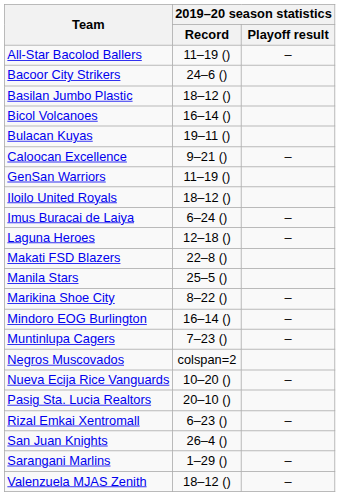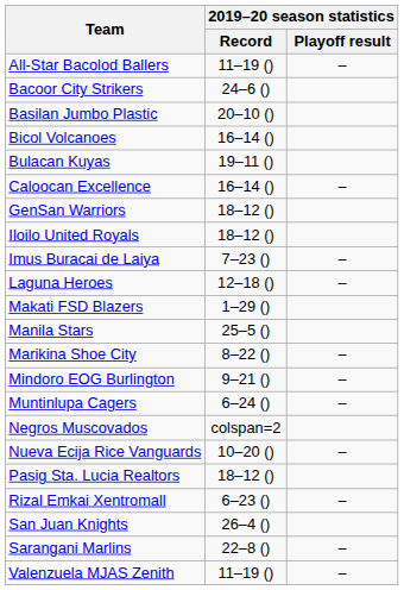 <table class="wikitable sortable" style="text-align:center">
 <tr>
 <th rowspan=2>Team</th>
 <th colspan=2>2019–20 season statistics</th>
 </tr>
 <tr>
 <th>Record</th>
 <th>Playoff result</th>
 </tr>
 <tr>
 <td align=left><a href='#'>All-Star Bacolod Ballers</a></td>
 <td>11–19 ()</td>
 <td>–</td>
 </tr>
 <tr>
 <td align=left><a href='#'>Bacoor City Strikers</a></td>
 <td>24–6 ()</td>
 <td></td>
 </tr>
 <tr>
 <td align=left><a href='#'>Basilan Jumbo Plastic</a></td>
-<td>18–12 ()</td>
+<td>20–10 ()</td>
 <td></td>
 </tr>
 <tr>
 <td align=left><a href='#'>Bicol Volcanoes</a></td>
 <td>16–14 ()</td>
 <td></td>
 </tr>
 <tr>
 <td align=left><a href='#'>Bulacan Kuyas</a></td>
 <td>19–11 ()</td>
 <td></td>
 </tr>
 <tr>
 <td align=left><a href='#'>Caloocan Excellence</a></td>
-<td>9–21 ()</td>
+<td>16–14 ()</td>
 <td>–</td>
 </tr>
 <tr>
 <td align=left><a href='#'>GenSan Warriors</a></td>
-<td>11–19 ()</td>
+<td>18–12 ()</td>
 <td></td>
 </tr>
 <tr>
 <td align=left><a href='#'>Iloilo United Royals</a></td>
 <td>18–12 ()</td>
 <td></td>
 </tr>
 <tr>
 <td align=left><a href='#'>Imus Buracai de Laiya</a></td>
-<td>6–24 ()</td>
+<td>7–23 ()</td>
 <td>–</td>
 </tr>
 <tr>
 <td align=left><a href='#'>Laguna Heroes</a></td>
 <td>12–18 ()</td>
 <td>–</td>
 </tr>
 <tr>
 <td align=left><a href='#'>Makati FSD Blazers</a></td>
-<td>22–8 ()</td>
+<td>1–29 ()</td>
 <td></td>
 </tr>
 <tr>
 <td align=left><a href='#'>Manila Stars</a></td>
 <td>25–5 ()</td>
 <td></td>
 </tr>
 <tr>
 <td align=left><a href='#'>Marikina Shoe City</a></td>
 <td>8–22 ()</td>
 <td>–</td>
 </tr>
 <tr>
 <td align=left><a href='#'>Mindoro EOG Burlington</a></td>
-<td>16–14 ()</td>
+<td>9–21 ()</td>
 <td>–</td>
 </tr>
 <tr>
 <td align=left><a href='#'>Muntinlupa Cagers</a></td>
-<td>7–23 ()</td>
+<td>6–24 ()</td>
 <td>–</td>
 </tr>
 <tr>
 <td align=left><a href='#'>Negros Muscovados</a></td>
 <td>colspan=2 </td>
 </tr>
 <tr>
 <td align=left><a href='#'>Nueva Ecija Rice Vanguards</a></td>
 <td>10–20 ()</td>
 <td>–</td>
 </tr>
 <tr>
 <td align=left><a href='#'>Pasig Sta. Lucia Realtors</a></td>
-<td>20–10 ()</td>
+<td>18–12 ()</td>
 <td></td>
 </tr>
 <tr>
 <td align=left><a href='#'>Rizal Emkai Xentromall</a></td>
 <td>6–23 ()</td>
 <td>–</td>
 </tr>
 <tr>
 <td align=left><a href='#'>San Juan Knights</a></td>
 <td>26–4 ()</td>
 <td></td>
 </tr>
 <tr>
 <td align=left><a href='#'>Sarangani Marlins</a></td>
-<td>1–29 ()</td>
+<td>22–8 ()</td>
 <td>–</td>
 </tr>
 <tr>
 <td align=left><a href='#'>Valenzuela MJAS Zenith</a></td>
-<td>18–12 ()</td>
+<td>11–19 ()</td>
 <td>–</td>
 </tr>
 </table>
